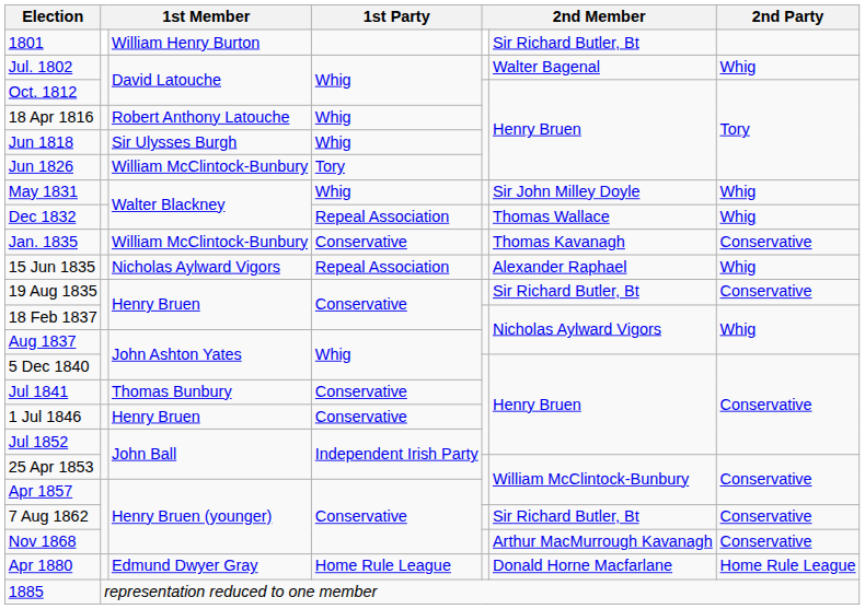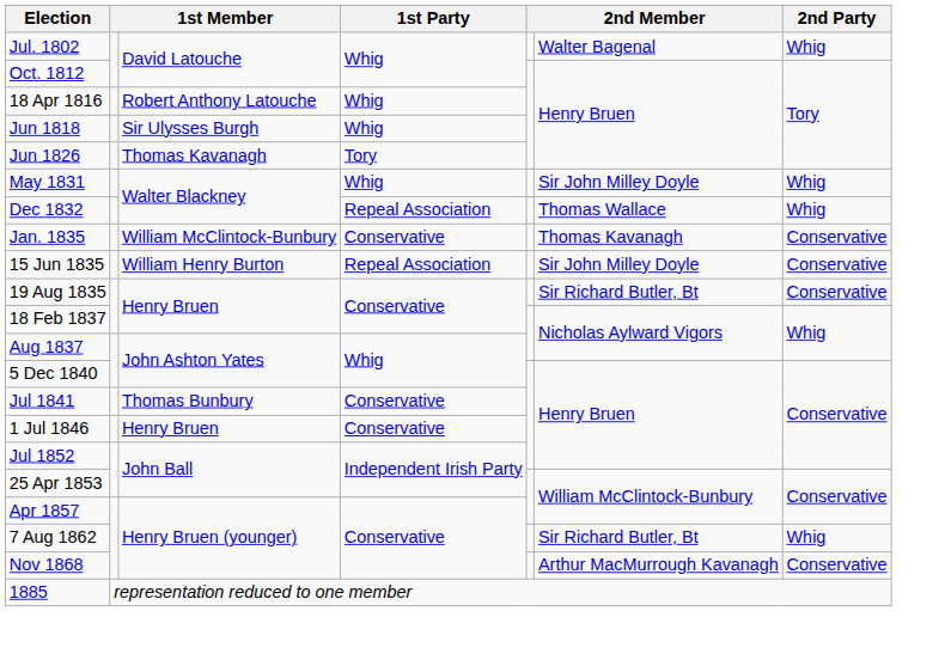 <table class="wikitable">
 <tr>
 <th>Election</th>
 <th colspan="2">1st Member</th>
 <th>1st Party</th>
 <th colspan="2">2nd Member</th>
 <th>2nd Party</th>
-</tr>
-<tr>
-<td><a href='#'>1801</a></td>
-<td style="color:inherit;background-color: white"></td>
-<td><a href='#'>William Henry Burton</a> 	</td>
-<td></td>
-<td style="color:inherit;background-color: white"></td>
-<td><a href='#'>Sir Richard Butler, Bt</a> 	</td>
-<td></td>
 </tr>
 <tr>
 <td><a href='#'>Jul. 1802</a></td>
 <td rowspan="2" style="color:inherit;background-color: "></td>
 <td rowspan="2"><a href='#'>David Latouche</a> 	</td>
 <td rowspan="2"><a href='#'>Whig</a></td>
 <td style="color:inherit;background-color: "></td>
 <td><a href='#'>Walter Bagenal</a> 	</td>
 <td><a href='#'>Whig</a></td>
 </tr>
 <tr>
 <td><a href='#'>Oct. 1812</a></td>
 <td rowspan="4" style="color:inherit;background-color: "></td>
 <td rowspan="4"><a href='#'>Henry Bruen</a> 	</td>
 <td rowspan="4"><a href='#'>Tory</a></td>
 </tr>
 <tr>
 <td>18 Apr 1816</td>
 <td style="color:inherit;background-color: "></td>
 <td><a href='#'>Robert Anthony Latouche</a> 	</td>
 <td><a href='#'>Whig</a></td>
 </tr>
 <tr>
 <td><a href='#'>Jun 1818</a></td>
 <td style="color:inherit;background-color: "></td>
 <td><a href='#'>Sir Ulysses Burgh</a> 	</td>
 <td><a href='#'>Whig</a></td>
 </tr>
 <tr>
 <td><a href='#'>Jun 1826</a></td>
 <td style="color:inherit;background-color: "></td>
-<td><a href='#'>William McClintock-Bunbury</a> 	</td>
+<td><a href='#'>Thomas Kavanagh</a> 	</td>
 <td><a href='#'>Tory</a></td>
 </tr>
 <tr>
 <td><a href='#'>May 1831</a></td>
 <td style="color:inherit;background-color: "></td>
 <td rowspan="2"><a href='#'>Walter Blackney</a> 	</td>
 <td><a href='#'>Whig</a></td>
 <td style="color:inherit;background-color: "></td>
 <td><a href='#'>Sir John Milley Doyle</a> 	</td>
 <td><a href='#'>Whig</a></td>
 </tr>
 <tr>
 <td><a href='#'>Dec 1832</a></td>
 <td style="color:inherit;background-color: "></td>
 <td><a href='#'>Repeal Association</a></td>
 <td style="color:inherit;background-color: "></td>
 <td><a href='#'>Thomas Wallace</a> 	</td>
 <td><a href='#'>Whig</a></td>
 </tr>
 <tr>
 <td><a href='#'>Jan. 1835</a></td>
 <td style="color:inherit;background-color: "></td>
 <td><a href='#'>William McClintock-Bunbury</a> 	</td>
 <td><a href='#'>Conservative</a></td>
 <td style="color:inherit;background-color: "></td>
 <td><a href='#'>Thomas Kavanagh</a> 	</td>
 <td><a href='#'>Conservative</a></td>
 </tr>
 <tr>
 <td>15 Jun 1835</td>
 <td style="color:inherit;background-color: "></td>
-<td><a href='#'>Nicholas Aylward Vigors</a> 	</td>
+<td><a href='#'>William Henry Burton</a> 	</td>
 <td><a href='#'>Repeal Association</a></td>
 <td style="color:inherit;background-color: "></td>
-<td><a href='#'>Alexander Raphael</a> 	</td>
-<td><a href='#'>Whig</a></td>
+<td><a href='#'>Sir John Milley Doyle</a> 	</td>
+<td><a href='#'>Conservative</a></td>
 </tr>
 <tr>
 <td>19 Aug 1835</td>
 <td rowspan="2" style="color:inherit;background-color: "></td>
 <td rowspan="2"><a href='#'>Henry Bruen</a> 	</td>
 <td rowspan="2"><a href='#'>Conservative</a></td>
 <td style="color:inherit;background-color: "></td>
 <td><a href='#'>Sir Richard Butler, Bt</a> 	</td>
 <td><a href='#'>Conservative</a></td>
 </tr>
 <tr>
 <td>18 Feb 1837</td>
 <td rowspan="2" style="color:inherit;background-color: "></td>
 <td rowspan="2"><a href='#'>Nicholas Aylward Vigors</a>  </td>
 <td rowspan="2"><a href='#'>Whig</a></td>
 </tr>
 <tr>
 <td><a href='#'>Aug 1837</a></td>
 <td rowspan="2" style="color:inherit;background-color: "></td>
 <td rowspan="2"><a href='#'>John Ashton Yates</a> 	</td>
 <td rowspan="2"><a href='#'>Whig</a></td>
 </tr>
 <tr>
 <td>5 Dec 1840</td>
 <td rowspan="4" style="color:inherit;background-color: "></td>
 <td rowspan="4"><a href='#'>Henry Bruen</a> 	</td>
 <td rowspan="4"><a href='#'>Conservative</a></td>
 </tr>
 <tr>
 <td><a href='#'>Jul 1841</a></td>
 <td style="color:inherit;background-color: "></td>
 <td><a href='#'>Thomas Bunbury</a> 	</td>
 <td><a href='#'>Conservative</a></td>
 </tr>
 <tr>
 <td>1 Jul 1846</td>
 <td style="color:inherit;background-color: "></td>
 <td><a href='#'>Henry Bruen</a> 	</td>
 <td><a href='#'>Conservative</a></td>
 </tr>
 <tr>
 <td><a href='#'>Jul 1852</a></td>
 <td rowspan="2" style="color:inherit;background-color: "></td>
 <td rowspan="2"><a href='#'>John Ball</a> 	</td>
 <td rowspan="2"><a href='#'>Independent Irish Party</a></td>
 </tr>
 <tr>
 <td>25 Apr 1853</td>
 <td rowspan="2" style="color:inherit;background-color: "></td>
 <td rowspan="2"><a href='#'>William McClintock-Bunbury</a> 	</td>
 <td rowspan="2"><a href='#'>Conservative</a></td>
 </tr>
 <tr>
 <td><a href='#'>Apr 1857</a></td>
 <td rowspan="3" style="color:inherit;background-color: "></td>
 <td rowspan="3"><a href='#'>Henry Bruen (younger)</a> 	</td>
 <td rowspan="3"><a href='#'>Conservative</a></td>
 </tr>
 <tr>
 <td>7 Aug 1862</td>
 <td style="color:inherit;background-color: "></td>
 <td><a href='#'>Sir Richard Butler, Bt</a> 	</td>
-<td><a href='#'>Conservative</a></td>
+<td><a href='#'>Whig</a></td>
 </tr>
 <tr>
 <td><a href='#'>Nov 1868</a></td>
 <td style="color:inherit;background-color: "></td>
 <td><a href='#'>Arthur MacMurrough Kavanagh</a> 	</td>
 <td><a href='#'>Conservative</a></td>
 </tr>
 <tr>
-<td><a href='#'>Apr 1880</a></td>
-<td style="color:inherit;background-color: "></td>
-<td><a href='#'>Edmund Dwyer Gray</a> 	</td>
-<td><a href='#'>Home Rule League</a></td>
-<td style="color:inherit;background-color: "></td>
-<td><a href='#'>Donald Horne Macfarlane</a> 	</td>
-<td><a href='#'>Home Rule League</a></td>
-</tr>
-<tr>
 <td><a href='#'>1885</a></td>
 <td colspan="6"><em>representation reduced to one member</em></td>
 </tr>
 </table>
